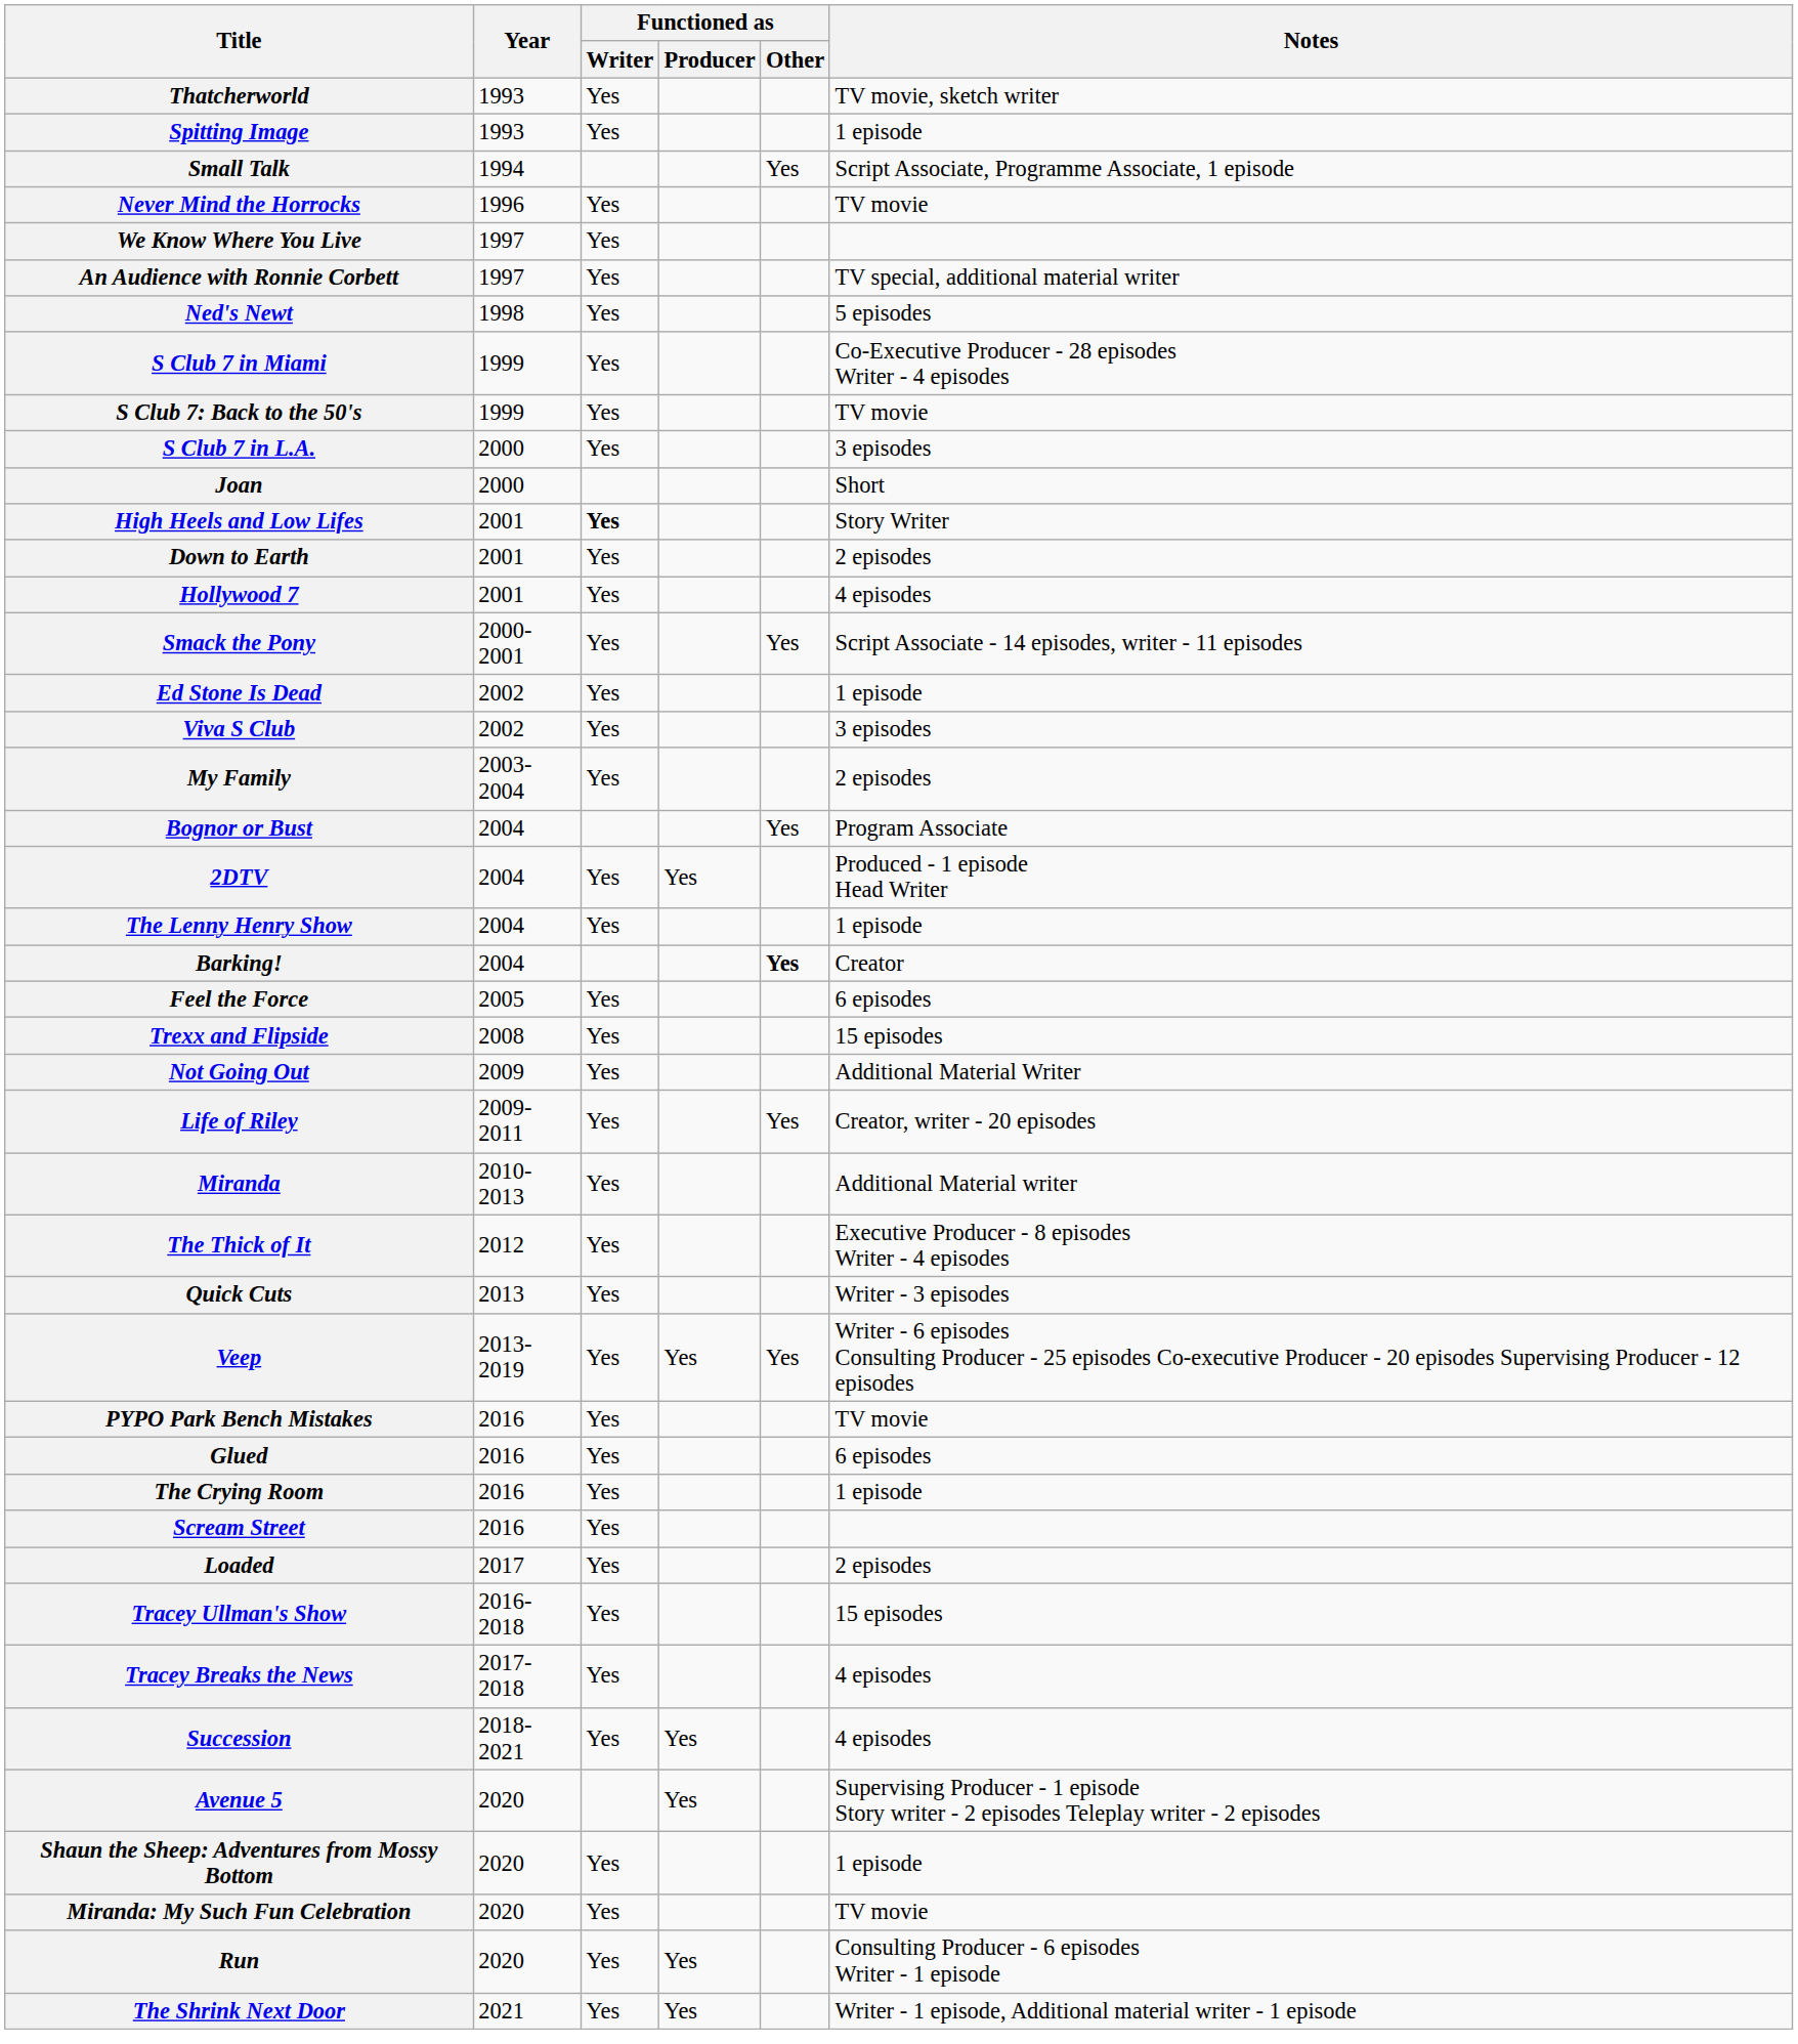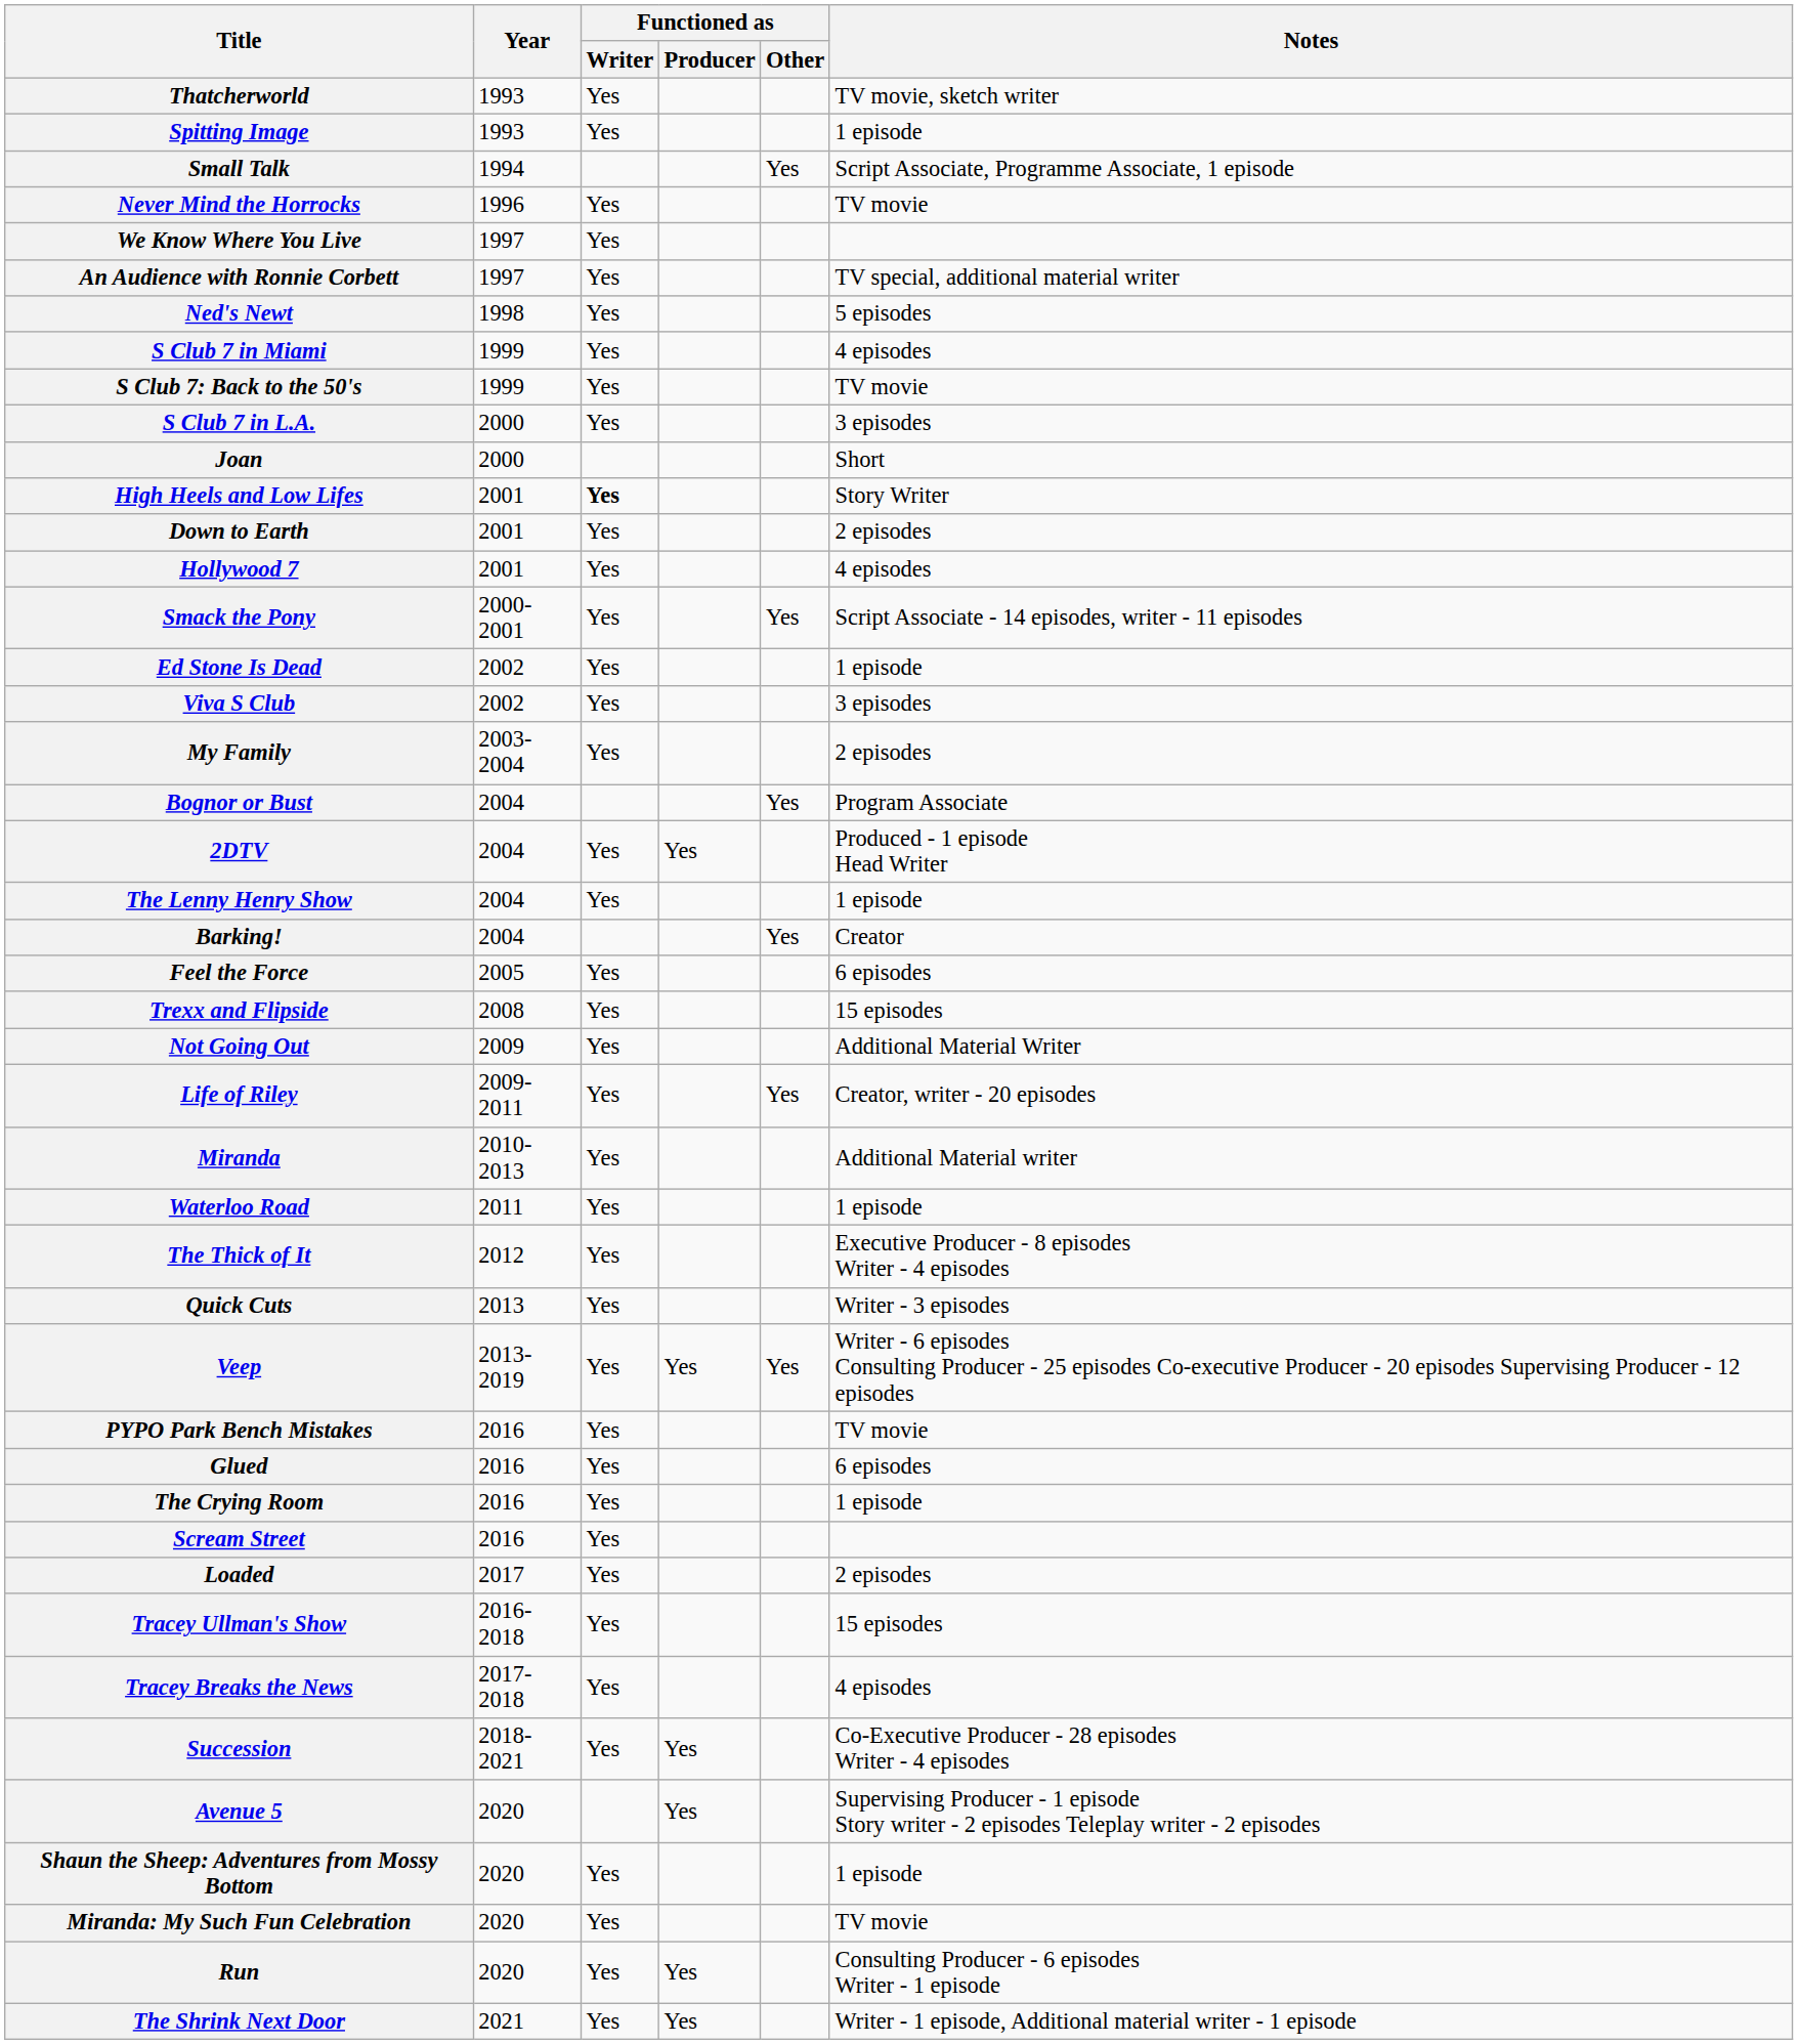 <table class="wikitable sortable">
 <tr>
 <th rowspan="2">Title</th>
 <th rowspan="2">Year</th>
 <th colspan="3">Functioned as</th>
 <th rowspan="2">Notes</th>
 </tr>
 <tr>
 <th>Writer</th>
 <th>Producer</th>
 <th>Other</th>
 </tr>
 <tr>
 <th><em>Thatcherworld</em></th>
 <td>1993</td>
 <td>Yes</td>
 <td></td>
 <td></td>
 <td>TV movie, sketch writer</td>
 </tr>
 <tr>
 <th><em><a href='#'>Spitting Image</a></em></th>
 <td>1993</td>
 <td>Yes</td>
 <td></td>
 <td></td>
 <td>1 episode</td>
 </tr>
 <tr>
 <th><em>Small Talk</em></th>
 <td>1994</td>
 <td></td>
 <td></td>
 <td>Yes</td>
 <td>Script Associate, Programme Associate, 1 episode</td>
 </tr>
 <tr>
 <th><em><a href='#'>Never Mind the Horrocks</a></em></th>
 <td>1996</td>
 <td>Yes</td>
 <td></td>
 <td></td>
 <td>TV movie</td>
 </tr>
 <tr>
 <th><em>We Know Where You Live</em></th>
 <td>1997</td>
 <td>Yes</td>
 <td></td>
 <td></td>
 <td></td>
 </tr>
 <tr>
 <th><em>An Audience with Ronnie Corbett</em></th>
 <td>1997</td>
 <td>Yes</td>
 <td></td>
 <td></td>
 <td>TV special, additional material writer</td>
 </tr>
 <tr>
 <th><em><a href='#'>Ned's Newt</a></em></th>
 <td>1998</td>
 <td>Yes</td>
 <td></td>
 <td></td>
 <td>5 episodes</td>
 </tr>
 <tr>
 <th><em><a href='#'>S Club 7 in Miami</a></em></th>
 <td>1999</td>
 <td>Yes</td>
 <td></td>
 <td></td>
-<td>Co-Executive Producer - 28 episodes<br>Writer - 4 episodes</td>
+<td>4 episodes</td>
 </tr>
 <tr>
 <th><em>S Club 7: Back to the 50's</em></th>
 <td>1999</td>
 <td>Yes</td>
 <td></td>
 <td></td>
 <td>TV movie</td>
 </tr>
 <tr>
 <th><em><a href='#'>S Club 7 in L.A.</a></em></th>
 <td>2000</td>
 <td>Yes</td>
 <td></td>
 <td></td>
 <td>3 episodes</td>
 </tr>
 <tr>
 <th><em>Joan</em></th>
 <td>2000</td>
 <td></td>
 <td></td>
 <td></td>
 <td>Short</td>
 </tr>
 <tr>
 <th><em><a href='#'>High Heels and Low Lifes</a></em></th>
 <td>2001</td>
 <td><strong>Yes</strong></td>
 <td></td>
 <td></td>
 <td>Story Writer</td>
 </tr>
 <tr>
 <th><em>Down to Earth</em></th>
 <td>2001</td>
 <td>Yes</td>
 <td></td>
 <td></td>
 <td>2 episodes</td>
 </tr>
 <tr>
 <th><em><a href='#'>Hollywood 7</a></em></th>
 <td>2001</td>
 <td>Yes</td>
 <td></td>
 <td></td>
 <td>4 episodes</td>
 </tr>
 <tr>
 <th><em><a href='#'>Smack the Pony</a></em></th>
 <td>2000-2001</td>
 <td>Yes</td>
 <td></td>
 <td>Yes</td>
 <td>Script Associate - 14 episodes, writer - 11 episodes</td>
 </tr>
 <tr>
 <th><em><a href='#'>Ed Stone Is Dead</a></em></th>
 <td>2002</td>
 <td>Yes</td>
 <td></td>
 <td></td>
 <td>1 episode</td>
 </tr>
 <tr>
 <th><em><a href='#'>Viva S Club</a></em></th>
 <td>2002</td>
 <td>Yes</td>
 <td></td>
 <td></td>
 <td>3 episodes</td>
 </tr>
 <tr>
 <th><em>My Family</em></th>
 <td>2003-2004</td>
 <td>Yes</td>
 <td></td>
 <td></td>
 <td>2 episodes</td>
 </tr>
 <tr>
 <th><em><a href='#'>Bognor or Bust</a></em></th>
 <td>2004</td>
 <td></td>
 <td></td>
 <td>Yes</td>
 <td>Program Associate</td>
 </tr>
 <tr>
 <th><em><a href='#'>2DTV</a></em></th>
 <td>2004</td>
 <td>Yes</td>
 <td>Yes</td>
 <td></td>
 <td>Produced - 1 episode<br>Head Writer</td>
 </tr>
 <tr>
 <th><em><a href='#'>The Lenny Henry Show</a></em></th>
 <td>2004</td>
 <td>Yes</td>
 <td></td>
 <td></td>
 <td>1 episode</td>
 </tr>
 <tr>
 <th><em>Barking!</em></th>
 <td>2004</td>
 <td></td>
 <td></td>
-<td><strong>Yes</strong></td>
+<td>Yes</td>
 <td>Creator</td>
 </tr>
 <tr>
 <th><em>Feel the Force</em></th>
 <td>2005</td>
 <td>Yes</td>
 <td></td>
 <td></td>
 <td>6 episodes</td>
 </tr>
 <tr>
 <th><em><a href='#'>Trexx and Flipside</a></em></th>
 <td>2008</td>
 <td>Yes</td>
 <td></td>
 <td></td>
 <td>15 episodes</td>
 </tr>
 <tr>
 <th><em><a href='#'>Not Going Out</a></em></th>
 <td>2009</td>
 <td>Yes</td>
 <td></td>
 <td></td>
 <td>Additional Material Writer</td>
 </tr>
 <tr>
 <th><em><a href='#'>Life of Riley</a></em></th>
 <td>2009-2011</td>
 <td>Yes</td>
 <td></td>
 <td>Yes</td>
 <td>Creator, writer - 20 episodes</td>
 </tr>
 <tr>
 <th><em><a href='#'>Miranda</a></em></th>
 <td>2010-2013</td>
 <td>Yes</td>
 <td></td>
 <td></td>
 <td>Additional Material writer</td>
+</tr>
+<tr>
+<th><em><a href='#'>Waterloo Road</a></em></th>
+<td>2011</td>
+<td>Yes</td>
+<td></td>
+<td></td>
+<td>1 episode</td>
 </tr>
 <tr>
 <th><em><a href='#'>The Thick of It</a></em></th>
 <td>2012</td>
 <td>Yes</td>
 <td></td>
 <td></td>
 <td>Executive Producer - 8 episodes<br>Writer - 4 episodes</td>
 </tr>
 <tr>
 <th><em>Quick Cuts</em></th>
 <td>2013</td>
 <td>Yes</td>
 <td></td>
 <td></td>
 <td>Writer - 3 episodes</td>
 </tr>
 <tr>
 <th><em><a href='#'>Veep</a></em></th>
 <td>2013-2019</td>
 <td>Yes</td>
 <td>Yes</td>
 <td>Yes</td>
 <td>Writer - 6 episodes<br>Consulting Producer - 25 episodes Co-executive Producer - 20 episodes Supervising Producer - 12 episodes</td>
 </tr>
 <tr>
 <th><em>PYPO Park Bench Mistakes</em></th>
 <td>2016</td>
 <td>Yes</td>
 <td></td>
 <td></td>
 <td>TV movie</td>
 </tr>
 <tr>
 <th><em>Glued</em></th>
 <td>2016</td>
 <td>Yes</td>
 <td></td>
 <td></td>
 <td>6 episodes</td>
 </tr>
 <tr>
 <th><em>The Crying Room</em></th>
 <td>2016</td>
 <td>Yes</td>
 <td></td>
 <td></td>
 <td>1 episode</td>
 </tr>
 <tr>
 <th><em><a href='#'>Scream Street</a></em></th>
 <td>2016</td>
 <td>Yes</td>
 <td></td>
 <td></td>
 <td></td>
 </tr>
 <tr>
 <th><em>Loaded</em></th>
 <td>2017</td>
 <td>Yes</td>
 <td></td>
 <td></td>
 <td>2 episodes</td>
 </tr>
 <tr>
 <th><em><a href='#'>Tracey Ullman's Show</a></em></th>
 <td>2016-2018</td>
 <td>Yes</td>
 <td></td>
 <td></td>
 <td>15 episodes</td>
 </tr>
 <tr>
 <th><em><a href='#'>Tracey Breaks the News</a></em></th>
 <td>2017-2018</td>
 <td>Yes</td>
 <td></td>
 <td></td>
 <td>4 episodes</td>
 </tr>
 <tr>
 <th><em><a href='#'>Succession</a></em></th>
 <td>2018-2021</td>
 <td>Yes</td>
 <td>Yes</td>
 <td></td>
-<td>4 episodes</td>
+<td>Co-Executive Producer - 28 episodes<br>Writer - 4 episodes</td>
 </tr>
 <tr>
 <th><em><a href='#'>Avenue 5</a></em></th>
 <td>2020</td>
 <td></td>
 <td>Yes</td>
 <td></td>
 <td>Supervising Producer - 1 episode<br>Story writer - 2 episodes Teleplay writer - 2 episodes</td>
 </tr>
 <tr>
 <th><em>Shaun the Sheep: Adventures from Mossy Bottom</em></th>
 <td>2020</td>
 <td>Yes</td>
 <td></td>
 <td></td>
 <td>1 episode</td>
 </tr>
 <tr>
 <th><em>Miranda: My Such Fun Celebration</em></th>
 <td>2020</td>
 <td>Yes</td>
 <td></td>
 <td></td>
 <td>TV movie</td>
 </tr>
 <tr>
 <th><em>Run</em></th>
 <td>2020</td>
 <td>Yes</td>
 <td>Yes</td>
 <td></td>
 <td>Consulting Producer - 6 episodes<br>Writer - 1 episode</td>
 </tr>
 <tr>
 <th><em><a href='#'>The Shrink Next Door</a></em></th>
 <td>2021</td>
 <td>Yes</td>
 <td>Yes</td>
 <td></td>
 <td>Writer - 1 episode, Additional material writer - 1 episode</td>
 </tr>
 </table>
